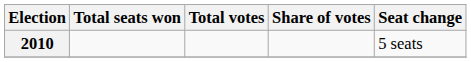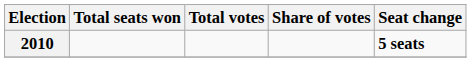 <table class="wikitable">
 <tr>
 <th>Election</th>
 <th>Total seats won</th>
 <th>Total votes</th>
 <th>Share of votes</th>
 <th>Seat change</th>
 </tr>
 <tr>
 <th>2010</th>
 <td></td>
 <td></td>
 <td></td>
-<td>5 seats</td>
+<td><strong>5 seats</strong></td>
 </tr>
 <tr>
 </tr>
 </table>
